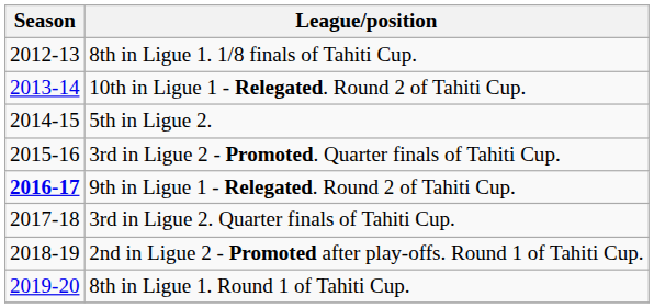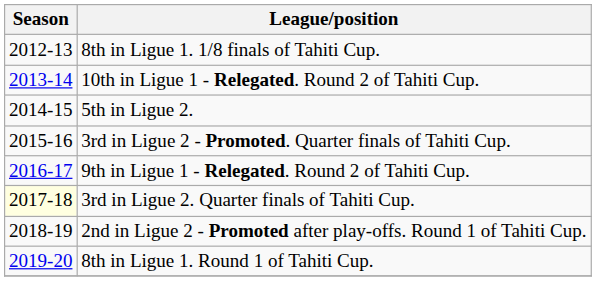 <table class="wikitable sortable">
 <tr>
 <th>Season</th>
 <th>League/position</th>
 </tr>
 <tr>
 <td>2012-13</td>
 <td>8th in Ligue 1. 1/8 finals of Tahiti Cup.</td>
 </tr>
 <tr>
 <td><a href='#'>2013-14</a></td>
 <td>10th in Ligue 1 - <strong>Relegated</strong>. Round 2 of Tahiti Cup.</td>
 </tr>
 <tr>
 <td>2014-15</td>
 <td>5th in Ligue 2.</td>
 </tr>
 <tr>
 <td>2015-16</td>
 <td>3rd in Ligue 2 - <strong>Promoted</strong>. Quarter finals of Tahiti Cup.</td>
 </tr>
 <tr>
-<td><strong><a href='#'>2016-17</a></strong></td>
+<td><a href='#'>2016-17</a></td>
 <td>9th in Ligue 1 - <strong>Relegated</strong>. Round 2 of Tahiti Cup.</td>
 </tr>
 <tr>
-<td>2017-18</td>
+<td style="background: lightyellow;">2017-18</td>
 <td>3rd in Ligue 2. Quarter finals of Tahiti Cup.</td>
 </tr>
 <tr>
 <td>2018-19</td>
 <td>2nd in Ligue 2 - <strong>Promoted</strong> after play-offs. Round 1 of Tahiti Cup.</td>
 </tr>
 <tr>
 <td><a href='#'>2019-20</a></td>
 <td>8th in Ligue 1. Round 1 of Tahiti Cup.</td>
 </tr>
 <tr>
 </tr>
 </table>
